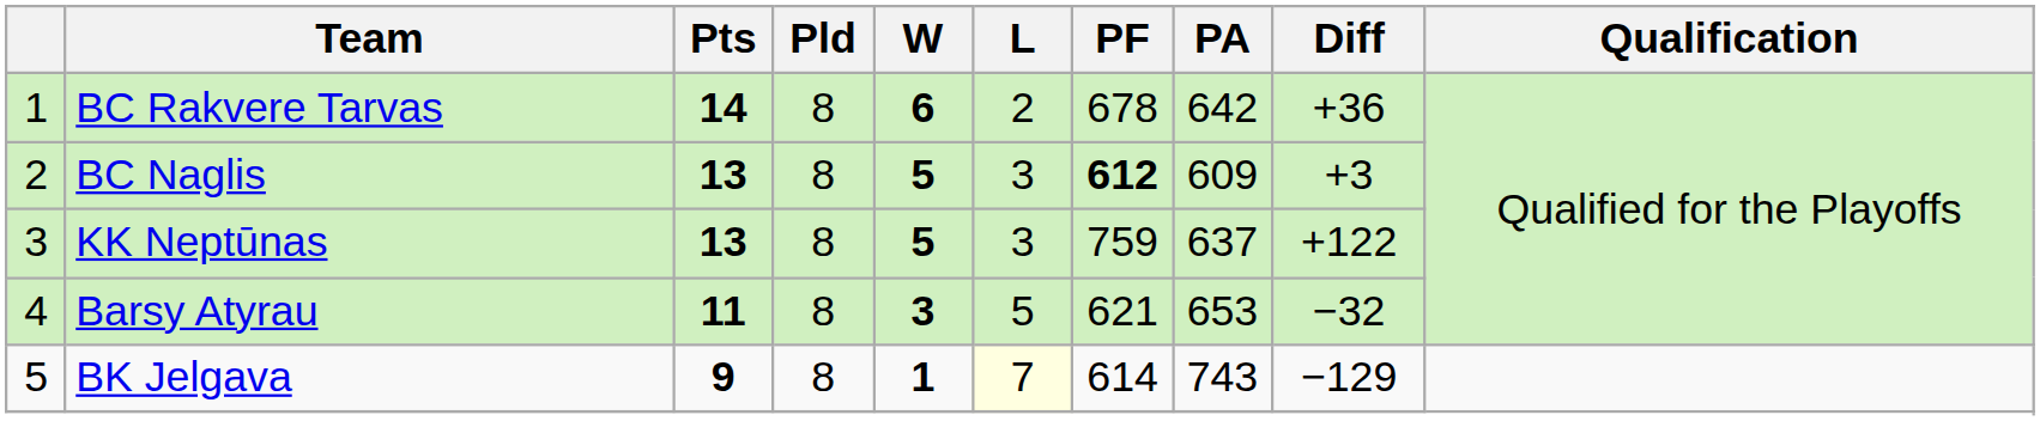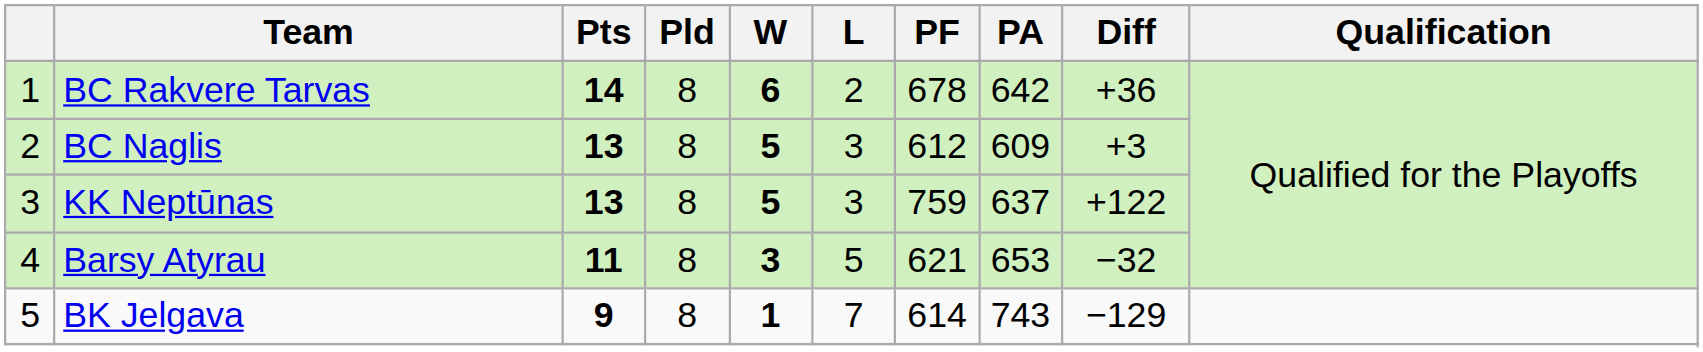 <table class="wikitable" style="text-align: center;">
 <tr>
 <th width=15></th>
 <th width=220>Team</th>
 <th width=30>Pts</th>
 <th width=30>Pld</th>
 <th width=30>W</th>
 <th width=30>L</th>
 <th width=30>PF</th>
 <th width=30>PA</th>
 <th width=50>Diff</th>
 <th width=220>Qualification</th>
 </tr>
 <tr bgcolor=D0F0C0>
 <td>1</td>
 <td align="left"> <a href='#'>BC Rakvere Tarvas</a></td>
 <td><strong>14</strong></td>
 <td>8</td>
 <td><strong>6</strong></td>
 <td>2</td>
 <td>678</td>
 <td>642</td>
 <td>+36</td>
 <td rowspan=4 align="center">Qualified for the Playoffs</td>
 </tr>
 <tr bgcolor=D0F0C0>
 <td>2</td>
 <td align="left"> <a href='#'>BC Naglis</a></td>
 <td><strong>13</strong></td>
 <td>8</td>
 <td><strong>5</strong></td>
 <td>3</td>
-<td><strong>612</strong></td>
+<td>612</td>
 <td>609</td>
 <td>+3</td>
 </tr>
 <tr bgcolor=D0F0C0>
 <td>3</td>
 <td align="left"> <a href='#'>KK Neptūnas</a></td>
 <td><strong>13</strong></td>
 <td>8</td>
 <td><strong>5</strong></td>
 <td>3</td>
 <td>759</td>
 <td>637</td>
 <td>+122</td>
 </tr>
 <tr bgcolor=D0F0C0>
 <td>4</td>
 <td align="left"> <a href='#'>Barsy Atyrau</a></td>
 <td><strong>11</strong></td>
 <td>8</td>
 <td><strong>3</strong></td>
 <td>5</td>
 <td>621</td>
 <td>653</td>
 <td>−32</td>
 </tr>
 <tr>
 <td>5</td>
 <td align="left"> <a href='#'>BK Jelgava</a></td>
 <td><strong>9</strong></td>
 <td>8</td>
 <td><strong>1</strong></td>
-<td style="background: lightyellow;">7</td>
+<td>7</td>
 <td>614</td>
 <td>743</td>
 <td>−129</td>
 </tr>
 <tr>
 </tr>
 </table>
